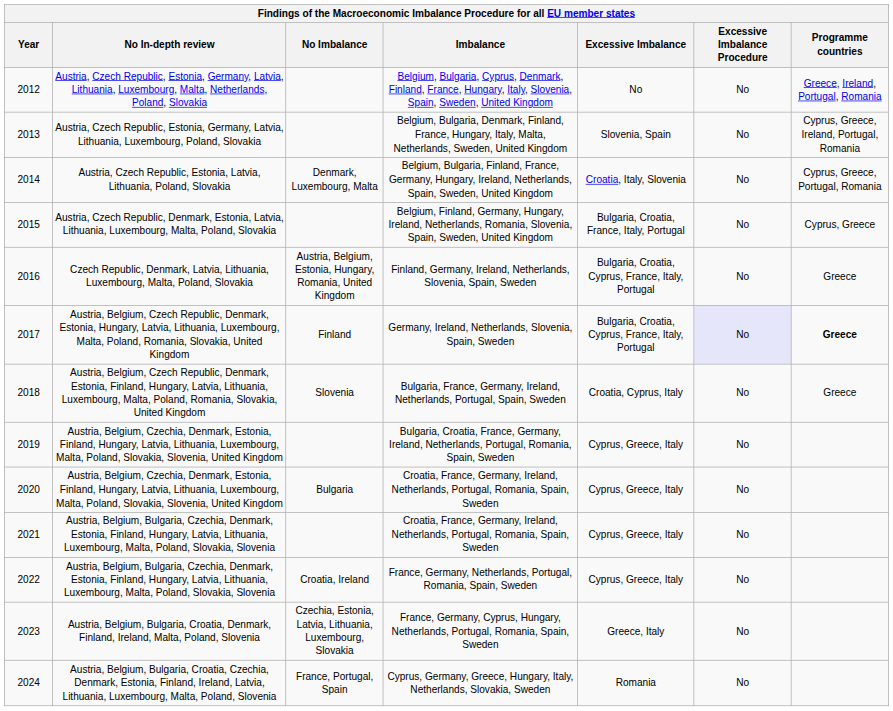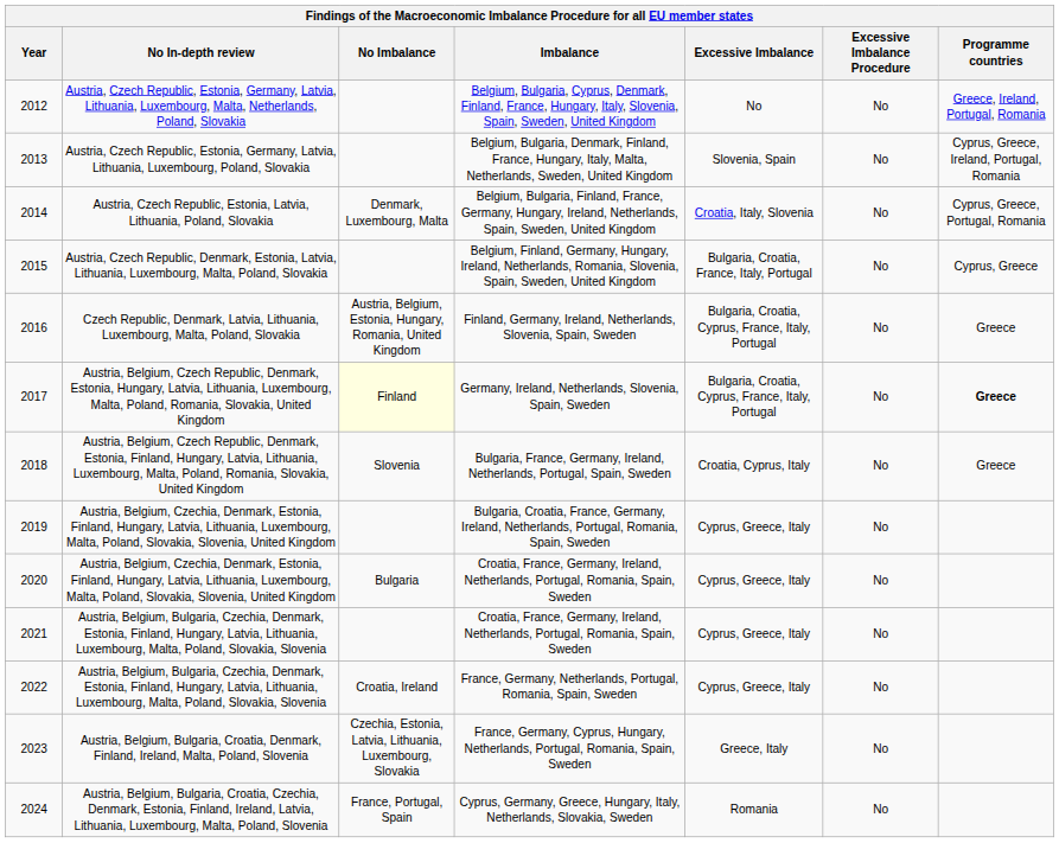 <table class="wikitable" style="width:100%; font-size:90%; line-height:1.33; text-align:center">
 <tr>
 <th colspan="7">Findings of the Macroeconomic Imbalance Procedure for all <a href='#'>EU member states</a></th>
 </tr>
 <tr>
 <th style="width:5%">Year</th>
 <th style="width:24%">No In-depth review</th>
 <th style="width:10%">No Imbalance</th>
 <th style="width:20%">Imbalance</th>
 <th style="width:12%">Excessive Imbalance</th>
 <th style="width:10%">Excessive Imbalance Procedure</th>
 <th style="width:10%">Programme countries</th>
 </tr>
 <tr>
 <td>2012</td>
 <td><a href='#'>Austria</a>, <a href='#'>Czech Republic</a>, <a href='#'>Estonia</a>, <a href='#'>Germany</a>, <a href='#'>Latvia</a>, <a href='#'>Lithuania</a>, <a href='#'>Luxembourg</a>, <a href='#'>Malta</a>, <a href='#'>Netherlands</a>, <a href='#'>Poland</a>, <a href='#'>Slovakia</a></td>
 <td></td>
 <td><a href='#'>Belgium</a>, <a href='#'>Bulgaria</a>, <a href='#'>Cyprus</a>, <a href='#'>Denmark</a>, <a href='#'>Finland</a>, <a href='#'>France</a>, <a href='#'>Hungary</a>, <a href='#'>Italy</a>, <a href='#'>Slovenia</a>, <a href='#'>Spain</a>, <a href='#'>Sweden</a>, <a href='#'>United Kingdom</a></td>
 <td>No</td>
 <td>No</td>
 <td><a href='#'>Greece</a>, <a href='#'>Ireland</a>, <a href='#'>Portugal</a>, <a href='#'>Romania</a></td>
 </tr>
 <tr>
 <td>2013</td>
 <td>Austria, Czech Republic, Estonia, Germany, Latvia, Lithuania, Luxembourg, Poland, Slovakia</td>
 <td></td>
 <td>Belgium, Bulgaria, Denmark, Finland, France, Hungary, Italy, Malta, Netherlands, Sweden, United Kingdom</td>
 <td>Slovenia, Spain</td>
 <td>No</td>
 <td>Cyprus, Greece, Ireland, Portugal, Romania</td>
 </tr>
 <tr>
 <td>2014</td>
 <td>Austria, Czech Republic, Estonia, Latvia, Lithuania, Poland, Slovakia</td>
 <td>Denmark, Luxembourg, Malta</td>
 <td>Belgium, Bulgaria, Finland, France, Germany, Hungary, Ireland, Netherlands, Spain, Sweden, United Kingdom</td>
 <td><a href='#'>Croatia</a>, Italy, Slovenia</td>
 <td>No</td>
 <td>Cyprus, Greece, Portugal, Romania</td>
 </tr>
 <tr>
 <td>2015</td>
 <td>Austria, Czech Republic, Denmark, Estonia, Latvia, Lithuania, Luxembourg, Malta, Poland, Slovakia</td>
 <td></td>
 <td>Belgium, Finland, Germany, Hungary, Ireland, Netherlands, Romania, Slovenia, Spain, Sweden, United Kingdom</td>
 <td>Bulgaria, Croatia, France, Italy, Portugal</td>
 <td>No</td>
 <td>Cyprus, Greece</td>
 </tr>
 <tr>
 <td>2016</td>
 <td>Czech Republic, Denmark, Latvia, Lithuania, Luxembourg, Malta, Poland, Slovakia</td>
 <td>Austria, Belgium, Estonia, Hungary, Romania, United Kingdom</td>
 <td>Finland, Germany, Ireland, Netherlands, Slovenia, Spain, Sweden</td>
 <td>Bulgaria, Croatia, Cyprus, France, Italy, Portugal</td>
 <td>No</td>
 <td>Greece</td>
 </tr>
 <tr>
 <td>2017</td>
 <td>Austria, Belgium, Czech Republic, Denmark, Estonia, Hungary, Latvia, Lithuania, Luxembourg, Malta, Poland, Romania, Slovakia, United Kingdom</td>
-<td>Finland</td>
+<td style="background: lightyellow;">Finland</td>
 <td>Germany, Ireland, Netherlands, Slovenia, Spain, Sweden</td>
 <td>Bulgaria, Croatia, Cyprus, France, Italy, Portugal</td>
-<td style="background: lavender;">No</td>
+<td>No</td>
 <td><strong>Greece</strong></td>
 </tr>
 <tr>
 <td>2018</td>
 <td>Austria, Belgium, Czech Republic, Denmark, Estonia, Finland, Hungary, Latvia, Lithuania, Luxembourg, Malta, Poland, Romania, Slovakia, United Kingdom</td>
 <td>Slovenia</td>
 <td>Bulgaria, France, Germany, Ireland, Netherlands, Portugal, Spain, Sweden</td>
 <td>Croatia, Cyprus, Italy</td>
 <td>No</td>
 <td>Greece</td>
 </tr>
 <tr>
 <td>2019</td>
 <td>Austria, Belgium, Czechia, Denmark, Estonia, Finland, Hungary, Latvia, Lithuania, Luxembourg, Malta, Poland, Slovakia, Slovenia, United Kingdom</td>
 <td></td>
 <td>Bulgaria, Croatia, France, Germany, Ireland, Netherlands, Portugal, Romania, Spain, Sweden</td>
 <td>Cyprus, Greece, Italy</td>
 <td>No</td>
 <td></td>
 </tr>
 <tr>
 <td>2020</td>
 <td>Austria, Belgium, Czechia, Denmark, Estonia, Finland, Hungary, Latvia, Lithuania, Luxembourg, Malta, Poland, Slovakia, Slovenia, United Kingdom</td>
 <td>Bulgaria</td>
 <td>Croatia, France, Germany, Ireland, Netherlands, Portugal, Romania, Spain, Sweden</td>
 <td>Cyprus, Greece, Italy</td>
 <td>No</td>
 <td></td>
 </tr>
 <tr>
 <td>2021</td>
 <td>Austria, Belgium, Bulgaria, Czechia, Denmark, Estonia, Finland, Hungary, Latvia, Lithuania, Luxembourg, Malta, Poland, Slovakia, Slovenia</td>
 <td></td>
 <td>Croatia, France, Germany, Ireland, Netherlands, Portugal, Romania, Spain, Sweden</td>
 <td>Cyprus, Greece, Italy</td>
 <td>No</td>
 <td></td>
 </tr>
 <tr>
 <td>2022</td>
 <td>Austria, Belgium, Bulgaria, Czechia, Denmark, Estonia, Finland, Hungary, Latvia, Lithuania, Luxembourg, Malta, Poland, Slovakia, Slovenia</td>
 <td>Croatia, Ireland</td>
 <td>France, Germany, Netherlands, Portugal, Romania, Spain, Sweden</td>
 <td>Cyprus, Greece, Italy</td>
 <td>No</td>
 <td></td>
 </tr>
 <tr>
 <td>2023</td>
 <td>Austria, Belgium, Bulgaria, Croatia, Denmark, Finland, Ireland, Malta, Poland, Slovenia</td>
 <td>Czechia, Estonia, Latvia, Lithuania, Luxembourg, Slovakia</td>
 <td>France, Germany, Cyprus, Hungary, Netherlands, Portugal, Romania, Spain, Sweden </td>
 <td>Greece, Italy</td>
 <td>No</td>
 <td></td>
 </tr>
 <tr>
 <td>2024</td>
 <td>Austria, Belgium, Bulgaria, Croatia, Czechia, Denmark, Estonia, Finland, Ireland, Latvia, Lithuania, Luxembourg, Malta, Poland, Slovenia</td>
 <td>France, Portugal, Spain</td>
 <td>Cyprus, Germany, Greece, Hungary, Italy, Netherlands, Slovakia, Sweden </td>
 <td>Romania</td>
 <td>No</td>
 <td></td>
 </tr>
 </table>
